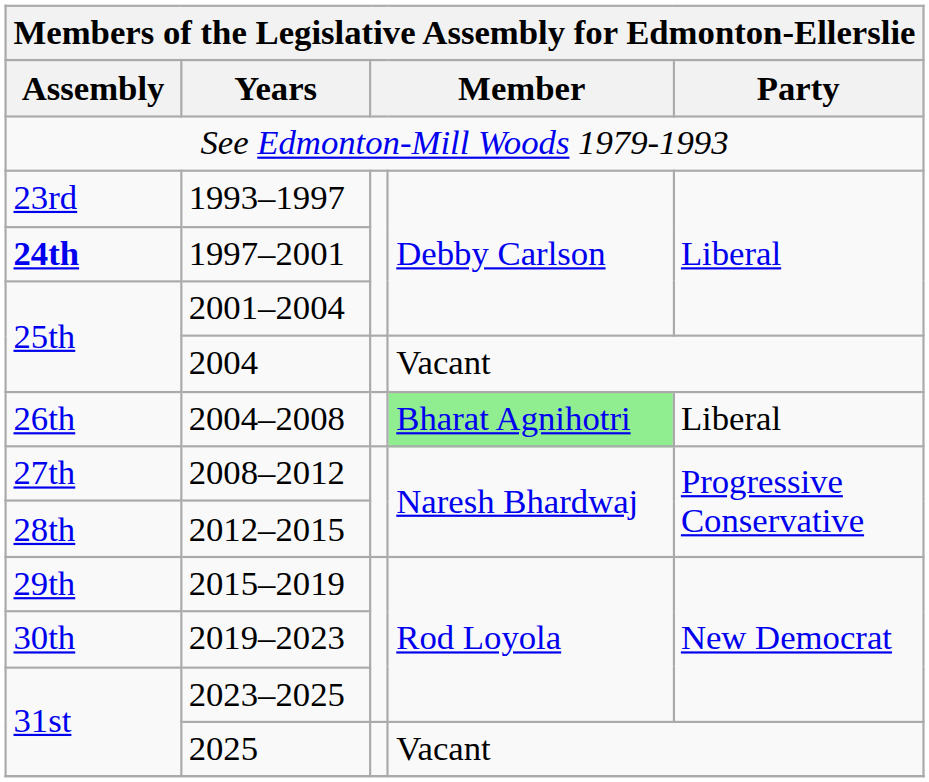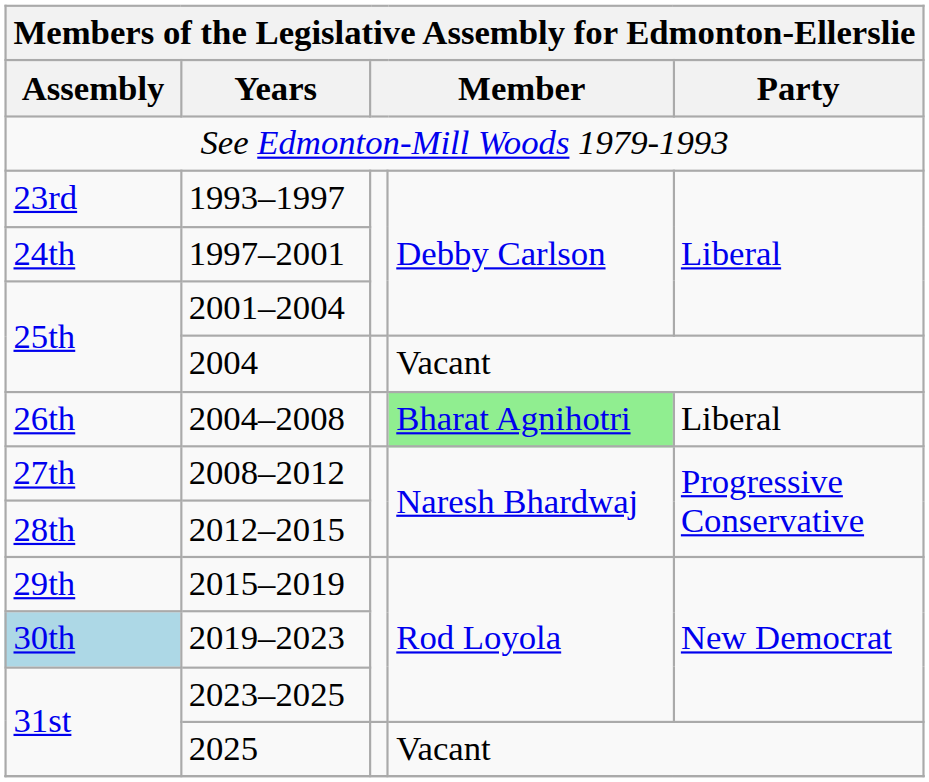 <table class="wikitable" align=right>
 <tr>
 <th colspan=5>Members of the Legislative Assembly for Edmonton-Ellerslie</th>
 </tr>
 <tr>
 <th>Assembly</th>
 <th>Years</th>
 <th colspan="2">Member</th>
 <th>Party</th>
 </tr>
 <tr>
 <td align="center" colspan=5><em>See <a href='#'>Edmonton-Mill Woods</a> 1979-1993</em></td>
 </tr>
 <tr>
 <td><a href='#'>23rd</a></td>
 <td>1993–1997</td>
 <td rowspan=3 ></td>
 <td rowspan=3><a href='#'>Debby Carlson</a></td>
 <td rowspan=3><a href='#'>Liberal</a></td>
 </tr>
 <tr>
-<td><strong><a href='#'>24th</a></strong></td>
+<td><a href='#'>24th</a></td>
 <td>1997–2001</td>
 </tr>
 <tr>
 <td rowspan=2><a href='#'>25th</a></td>
 <td>2001–2004</td>
 </tr>
 <tr>
 <td>2004</td>
 <td></td>
 <td colspan=2>Vacant</td>
 </tr>
 <tr>
 <td><a href='#'>26th</a></td>
 <td>2004–2008</td>
 <td></td>
 <td style="background: lightgreen;"><a href='#'>Bharat Agnihotri</a></td>
 <td>Liberal</td>
 </tr>
 <tr>
 <td><a href='#'>27th</a></td>
 <td>2008–2012</td>
 <td rowspan=2 ></td>
 <td rowspan=2><a href='#'>Naresh Bhardwaj</a></td>
 <td rowspan=2><a href='#'>Progressive<br>Conservative</a></td>
 </tr>
 <tr>
 <td><a href='#'>28th</a></td>
 <td>2012–2015</td>
 </tr>
 <tr>
 <td><a href='#'>29th</a></td>
 <td>2015–2019</td>
 <td rowspan=3 ></td>
 <td rowspan=3><a href='#'>Rod Loyola</a></td>
 <td rowspan=3><a href='#'>New Democrat</a></td>
 </tr>
 <tr>
-<td><a href='#'>30th</a></td>
+<td style="background: lightblue;"><a href='#'>30th</a></td>
 <td>2019–2023</td>
 </tr>
 <tr>
 <td rowspan=2><a href='#'>31st</a></td>
 <td>2023–2025</td>
 </tr>
 <tr>
 <td>2025</td>
 <td></td>
 <td colspan=2>Vacant</td>
 </tr>
 <tr>
 </tr>
 </table>
